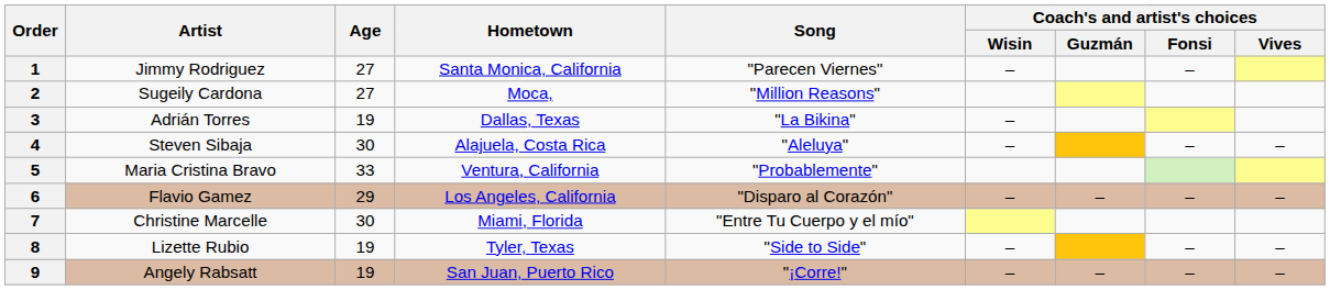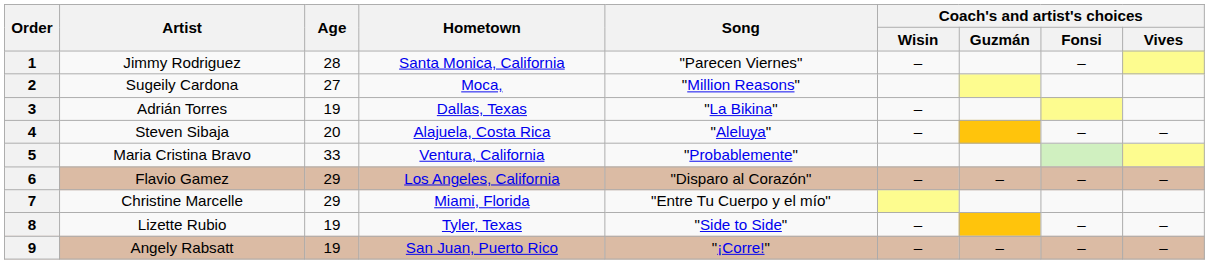 <table class="wikitable" style="text-align:center; line-height:17px; width:100%;">
 <tr>
 <th scope="col" rowspan="2" style="width:04%;">Order</th>
 <th scope="col" rowspan="2" style="width:18%;">Artist</th>
 <th scope="col" rowspan="2" style="width:04%;">Age</th>
 <th scope="col" rowspan="2" style="width:18%;">Hometown</th>
 <th scope="col" rowspan="2" style="width:20%;">Song</th>
 <th scope="col" colspan="4" style="width:24%;">Coach's and artist's choices</th>
 </tr>
 <tr>
 <th style="width:06%;">Wisin</th>
 <th style="width:06%;">Guzmán</th>
 <th style="width:06%;">Fonsi</th>
 <th style="width:06%;">Vives</th>
 </tr>
 <tr>
 <th>1</th>
 <td>Jimmy Rodriguez</td>
-<td>27</td>
+<td>28</td>
 <td><a href='#'>Santa Monica, California</a></td>
 <td>"Parecen Viernes"</td>
 <td>–</td>
 <td><strong></strong></td>
 <td>–</td>
 <td style="background:#fdfc8f;"><strong></strong></td>
 </tr>
 <tr>
 <th>2</th>
 <td>Sugeily Cardona</td>
 <td>27</td>
 <td><a href='#'>Moca, </a></td>
 <td>"<a href='#'>Million Reasons</a>"</td>
 <td><strong></strong></td>
 <td style="background:#fdfc8f;"><strong></strong></td>
 <td><strong></strong></td>
 <td><strong></strong></td>
 </tr>
 <tr>
 <th>3</th>
 <td>Adrián Torres</td>
 <td>19</td>
 <td><a href='#'>Dallas, Texas</a></td>
 <td>"<a href='#'>La Bikina</a>"</td>
 <td>–</td>
 <td><strong></strong></td>
 <td style="background:#fdfc8f;"><strong></strong></td>
 <td><strong></strong></td>
 </tr>
 <tr>
 <th>4</th>
 <td>Steven Sibaja</td>
-<td>30</td>
+<td>20</td>
 <td><a href='#'>Alajuela, Costa Rica</a></td>
 <td>"<a href='#'>Aleluya</a>"</td>
 <td>–</td>
 <td style="background:#ffc40c;"><strong></strong></td>
 <td>–</td>
 <td>–</td>
 </tr>
 <tr>
 <th>5</th>
 <td>Maria Cristina Bravo</td>
 <td>33</td>
 <td><a href='#'>Ventura, California</a></td>
 <td>"<a href='#'>Probablemente</a>"</td>
 <td><strong></strong></td>
 <td><strong></strong></td>
 <td style="background-color:#d0f0c0;"><strong></strong></td>
 <td style="background:#fdfc8f;"><strong></strong></td>
 </tr>
 <tr>
 <th>6</th>
 <td style="background:#dbbba4;">Flavio Gamez</td>
 <td style="background:#dbbba4;">29</td>
 <td style="background:#dbbba4;"><a href='#'>Los Angeles, California</a></td>
 <td style="background:#dbbba4;">"Disparo al Corazón"</td>
 <td style="background:#dbbba4;">–</td>
 <td style="background:#dbbba4;">–</td>
 <td style="background:#dbbba4;">–</td>
 <td style="background:#dbbba4;">–</td>
 </tr>
 <tr>
 <th>7</th>
 <td>Christine Marcelle</td>
-<td>30</td>
+<td>29</td>
 <td><a href='#'>Miami, Florida</a></td>
 <td>"Entre Tu Cuerpo y el mío"</td>
 <td style="background:#fdfc8f;"><strong></strong></td>
 <td><strong></strong></td>
 <td><strong></strong></td>
 <td><strong></strong></td>
 </tr>
 <tr>
 <th>8</th>
 <td>Lizette Rubio</td>
 <td>19</td>
 <td><a href='#'>Tyler, Texas</a></td>
 <td>"<a href='#'>Side to Side</a>"</td>
 <td>–</td>
 <td style="background:#ffc40c;"><strong></strong></td>
 <td>–</td>
 <td>–</td>
 </tr>
 <tr style="background:#dbbba4;">
 <th>9</th>
 <td>Angely Rabsatt</td>
 <td>19</td>
 <td><a href='#'>San Juan, Puerto Rico</a></td>
 <td>"<a href='#'>¡Corre!</a>"</td>
 <td>–</td>
 <td>–</td>
 <td>–</td>
 <td>–</td>
 </tr>
 </table>
